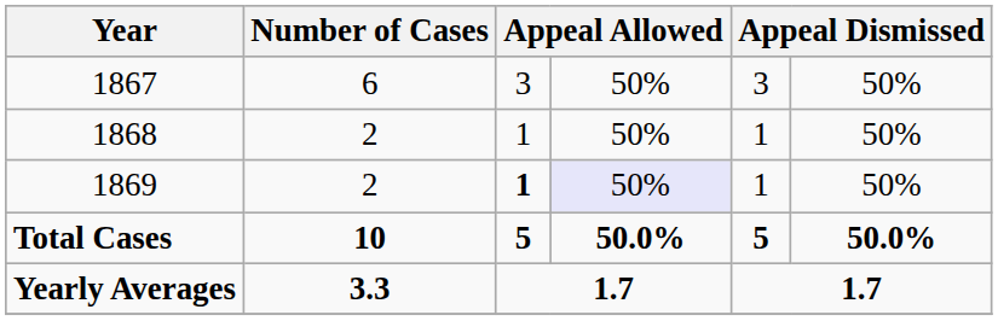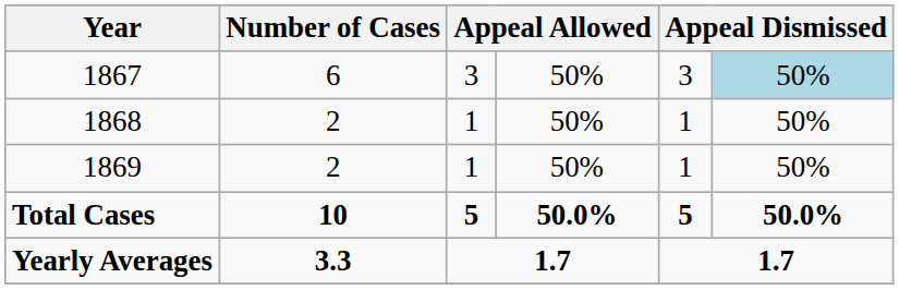 <table class="wikitable sortable">
 <tr>
 <th>Year</th>
 <th>Number of Cases</th>
 <th colspan=2>Appeal Allowed</th>
 <th colspan=2>Appeal Dismissed</th>
 </tr>
 <tr>
 <td style="text-align: center;">1867</td>
 <td style="text-align: center;">6</td>
 <td style="text-align: center;">3</td>
 <td style="text-align: center;">50%</td>
 <td style="text-align: center;">3</td>
-<td style="text-align: center;">50%</td>
+<td style="background: lightblue; text-align: center;">50%</td>
 </tr>
 <tr>
 <td style="text-align: center;">1868</td>
 <td style="text-align: center;">2</td>
 <td style="text-align: center;">1</td>
 <td style="text-align: center;">50%</td>
 <td style="text-align: center;">1</td>
 <td style="text-align: center;">50%</td>
 </tr>
 <tr>
 <td style="text-align: center;">1869</td>
 <td style="text-align: center;">2</td>
-<td style="text-align: center;"><strong>1</strong></td>
-<td style="background: lavender; text-align: center;">50%</td>
+<td style="text-align: center;">1</td>
+<td style="text-align: center;">50%</td>
 <td style="text-align: center;">1</td>
 <td style="text-align: center;">50%</td>
 </tr>
 <tr>
 <td><strong>Total Cases</strong></td>
 <td style="text-align: center;"><strong>10</strong></td>
 <td style="text-align: center;"><strong>5</strong></td>
 <td style="text-align: center;"><strong>50.0%</strong></td>
 <td style="text-align: center;"><strong>5</strong></td>
 <td style="text-align: center;"><strong>50.0%</strong></td>
 </tr>
 <tr>
 <td><strong>Yearly Averages</strong></td>
 <td style="text-align: center;"><strong>3.3</strong></td>
 <td colspan=2 style="text-align:center;"><strong>1.7</strong></td>
 <td colspan=2 style="text-align:center;"><strong>1.7</strong></td>
 </tr>
 <tr>
 </tr>
 </table>
